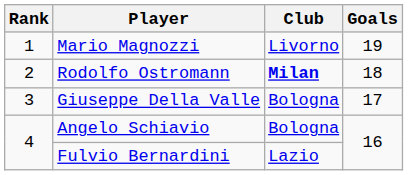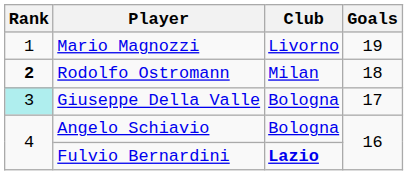 <table class="wikitable" style="text-align:center">
 <tr>
 <th>Rank</th>
 <th>Player</th>
 <th>Club</th>
 <th>Goals</th>
 </tr>
 <tr>
 <td>1</td>
 <td align="left"> <a href='#'>Mario Magnozzi</a></td>
 <td align="left"><a href='#'>Livorno</a></td>
 <td>19</td>
 </tr>
 <tr>
-<td>2</td>
+<td><strong>2</strong></td>
 <td align="left"> <a href='#'>Rodolfo Ostromann</a></td>
-<td align="left"><strong><a href='#'>Milan</a></strong></td>
+<td align="left"><a href='#'>Milan</a></td>
 <td>18</td>
 </tr>
 <tr>
-<td>3</td>
+<td style="background: paleturquoise;">3</td>
 <td align="left"> <a href='#'>Giuseppe Della Valle</a></td>
 <td align="left"><a href='#'>Bologna</a></td>
 <td>17</td>
 </tr>
 <tr>
 <td rowspan="2">4</td>
 <td align="left"> <a href='#'>Angelo Schiavio</a></td>
 <td align="left"><a href='#'>Bologna</a></td>
 <td rowspan="2">16</td>
 </tr>
 <tr>
 <td align="left"> <a href='#'>Fulvio Bernardini</a></td>
-<td align="left"><a href='#'>Lazio</a></td>
+<td align="left"><strong><a href='#'>Lazio</a></strong></td>
 </tr>
 </table>
